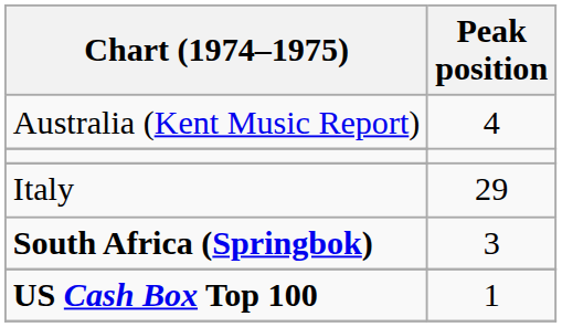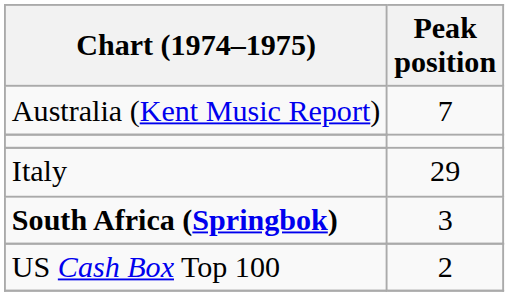 <table class="wikitable sortable">
 <tr>
 <th>Chart (1974–1975)</th>
 <th>Peak<br>position</th>
 </tr>
 <tr>
 <td>Australia (<a href='#'>Kent Music Report</a>)</td>
-<td style="text-align:center;">4</td>
+<td style="text-align:center;">7</td>
 </tr>
 <tr>
 </tr>
 <tr>
 </tr>
 <tr>
 <td></td>
 </tr>
 <tr>
 </tr>
 <tr>
 <td>Italy</td>
 <td style="text-align:center;">29</td>
 </tr>
 <tr>
 <td><strong>South Africa (<a href='#'>Springbok</a>)</strong></td>
 <td align="center">3</td>
 </tr>
 <tr>
 </tr>
 <tr>
 </tr>
 <tr>
 </tr>
 <tr>
-<td><strong>US <em><a href='#'>Cash Box</a></em> Top 100</strong></td>
-<td style="text-align:center;">1</td>
+<td>US <em><a href='#'>Cash Box</a></em> Top 100</td>
+<td style="text-align:center;">2</td>
 </tr>
 <tr>
 </tr>
 </table>
